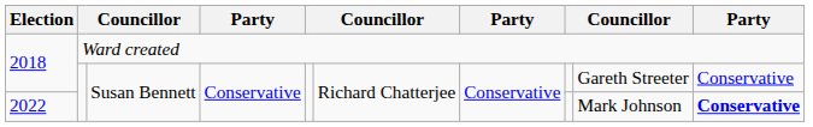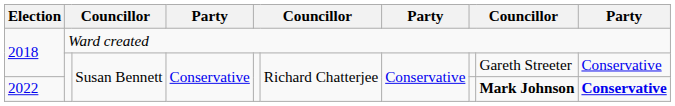 <table class="wikitable">
 <tr>
 <th>Election</th>
 <th colspan="2">Councillor</th>
 <th>Party</th>
 <th colspan="2">Councillor</th>
 <th>Party</th>
 <th colspan="2">Councillor</th>
 <th>Party</th>
 </tr>
 <tr>
 <td rowspan="2"><a href='#'>2018</a></td>
 <td colspan="12"><em>Ward created</em></td>
 </tr>
 <tr>
 <td rowspan="2" style="background-color: "></td>
 <td rowspan="2">Susan Bennett</td>
 <td rowspan="2"><a href='#'>Conservative</a></td>
 <td rowspan="2" style="background-color: "></td>
 <td rowspan="2">Richard Chatterjee</td>
 <td rowspan="2"><a href='#'>Conservative</a></td>
 <td style="background-color: "></td>
 <td>Gareth Streeter</td>
 <td><a href='#'>Conservative</a></td>
 </tr>
 <tr>
 <td><a href='#'>2022</a></td>
 <td style="background-color: "></td>
-<td>Mark Johnson</td>
+<td><strong>Mark Johnson</strong></td>
 <td><strong><a href='#'>Conservative</a></strong></td>
 </tr>
 </table>
